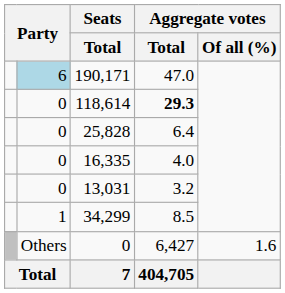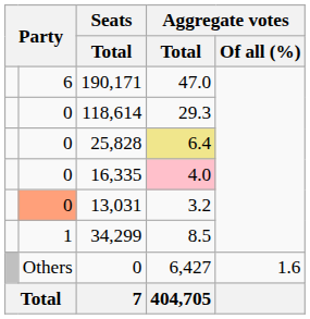 <table class="wikitable" style="text-align:right; font-size:95%;">
 <tr>
 <th colspan="2" rowspan="2">Party</th>
 <th>Seats</th>
 <th colspan="2">Aggregate votes</th>
 </tr>
 <tr>
 <th>Total</th>
 <th>Total</th>
 <th>Of all (%)</th>
 </tr>
 <tr>
 <td></td>
-<td style="background: lightblue;">6</td>
+<td>6</td>
 <td>190,171</td>
 <td>47.0</td>
 </tr>
 <tr>
 <td></td>
 <td>0</td>
 <td>118,614</td>
-<td><strong>29.3</strong></td>
+<td>29.3</td>
 </tr>
 <tr>
 <td></td>
 <td>0</td>
 <td>25,828</td>
-<td>6.4</td>
+<td style="background: khaki;">6.4</td>
 </tr>
 <tr>
 <td></td>
 <td>0</td>
 <td>16,335</td>
-<td>4.0</td>
+<td style="background: pink;">4.0</td>
 </tr>
 <tr>
 <td></td>
-<td>0</td>
+<td style="background: lightsalmon;">0</td>
 <td>13,031</td>
 <td>3.2</td>
 </tr>
 <tr>
 <td></td>
 <td>1</td>
 <td>34,299</td>
 <td>8.5</td>
 </tr>
 <tr>
 <td style="background:silver;"> </td>
 <td align=left>Others</td>
 <td>0</td>
 <td>6,427</td>
 <td>1.6</td>
 </tr>
 <tr>
 <th colspan="2" style="background:#f2f2f2"><strong>Total</strong></th>
 <td style="background:#f2f2f2;"><strong>7</strong></td>
 <td style="background:#f2f2f2;"><strong>404,705</strong></td>
 <td style="background:#f2f2f2;"></td>
 </tr>
 </table>
